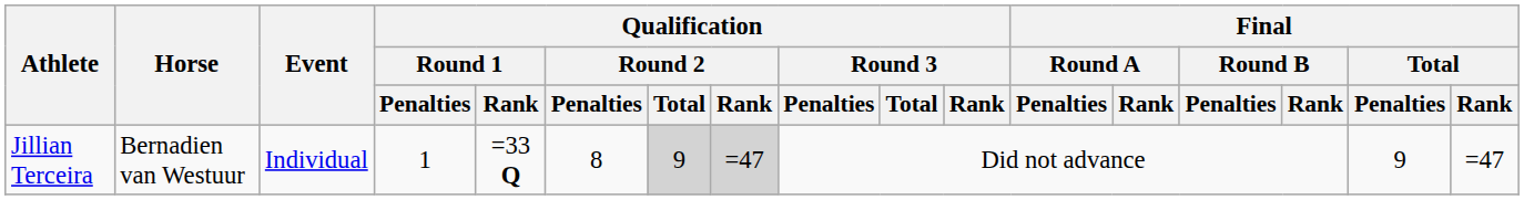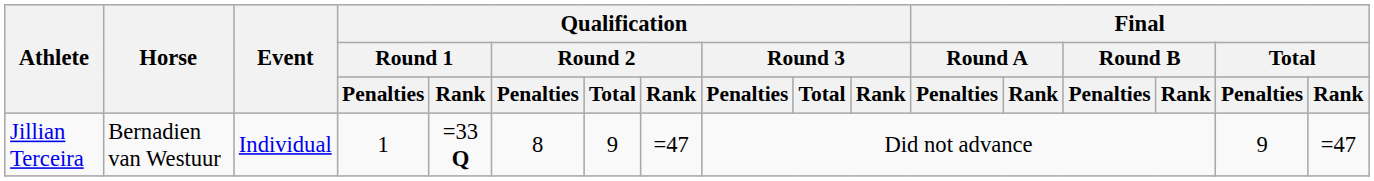 <table class="wikitable" style="font-size:90%">
 <tr>
 <th rowspan="3">Athlete</th>
 <th rowspan="3">Horse</th>
 <th rowspan="3">Event</th>
 <th colspan="8">Qualification</th>
 <th colspan="6">Final</th>
 </tr>
 <tr style="font-size:95%">
 <th colspan="2">Round 1</th>
 <th colspan="3">Round 2</th>
 <th colspan="3">Round 3</th>
 <th colspan="2">Round A</th>
 <th colspan="2">Round B</th>
 <th colspan="2">Total</th>
 </tr>
 <tr style="font-size:95%">
 <th>Penalties</th>
 <th>Rank</th>
 <th>Penalties</th>
 <th>Total</th>
 <th>Rank</th>
 <th>Penalties</th>
 <th>Total</th>
 <th>Rank</th>
 <th>Penalties</th>
 <th>Rank</th>
 <th>Penalties</th>
 <th>Rank</th>
 <th>Penalties</th>
 <th>Rank</th>
 </tr>
 <tr align=center>
 <td align=left><a href='#'>Jillian Terceira</a></td>
 <td align=left>Bernadien van Westuur</td>
 <td align=left><a href='#'>Individual</a></td>
 <td>1</td>
 <td>=33 <strong>Q</strong></td>
 <td>8</td>
-<td style="background: lightgrey;">9</td>
-<td style="background: lightgrey;">=47</td>
+<td>9</td>
+<td>=47</td>
 <td colspan=7>Did not advance</td>
 <td>9</td>
 <td>=47</td>
 </tr>
 </table>
